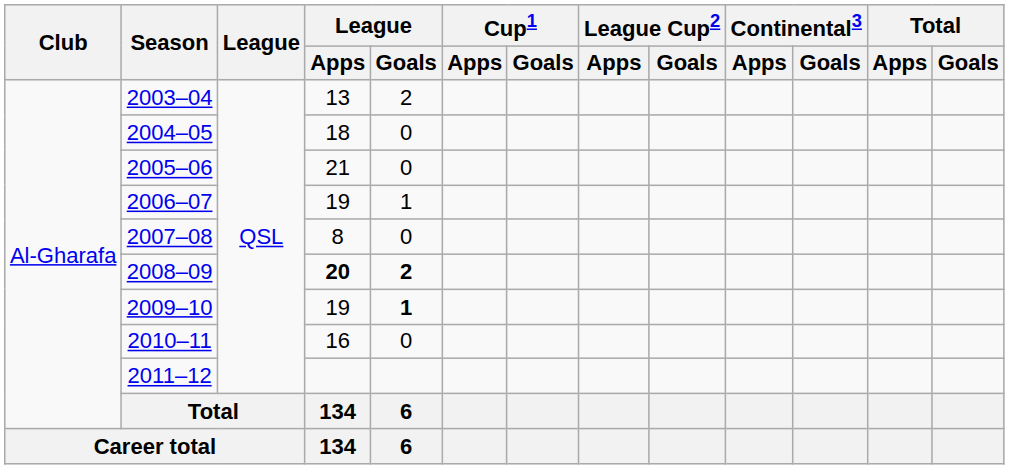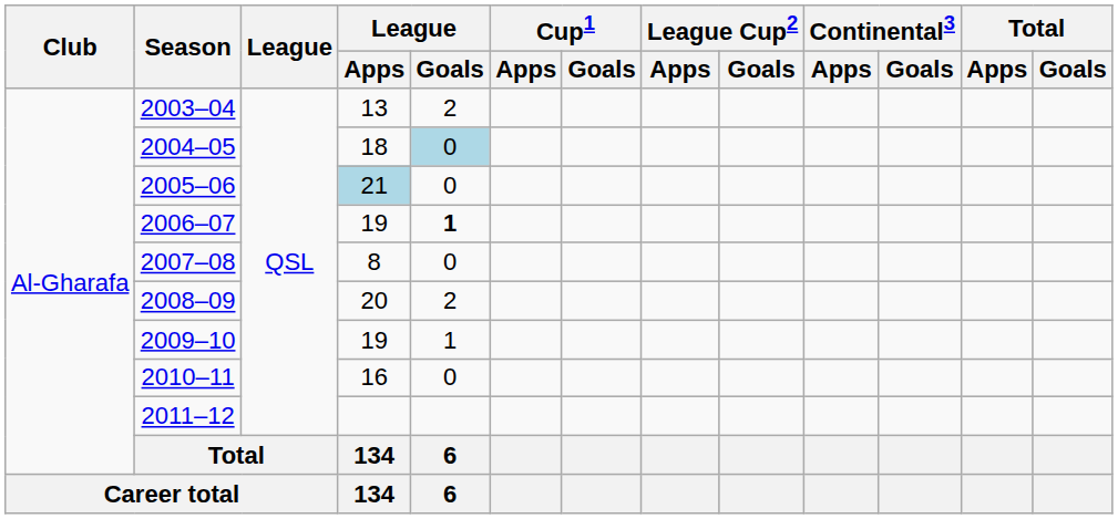 <table class="wikitable" style="font-size:90%; text-align:center;">
 <tr>
 <th rowspan="2">Club</th>
 <th rowspan="2">Season</th>
 <th rowspan="2">League</th>
 <th colspan="2">League</th>
 <th colspan="2">Cup<sup><a href='#'>1</a></sup></th>
 <th colspan="2">League Cup<sup><a href='#'>2</a></sup></th>
 <th colspan="2">Continental<sup><a href='#'>3</a></sup></th>
 <th colspan="2">Total</th>
 </tr>
 <tr>
 <th>Apps</th>
 <th>Goals</th>
 <th>Apps</th>
 <th>Goals</th>
 <th>Apps</th>
 <th>Goals</th>
 <th>Apps</th>
 <th>Goals</th>
 <th>Apps</th>
 <th>Goals</th>
 </tr>
 <tr>
 <td rowspan="10"><a href='#'>Al-Gharafa</a></td>
 <td><a href='#'>2003–04</a></td>
 <td rowspan="9" valign="center"><a href='#'>QSL</a></td>
 <td>13</td>
 <td>2</td>
 <td></td>
 <td></td>
 <td></td>
 <td></td>
 <td></td>
 <td></td>
 <td></td>
 <td></td>
 </tr>
 <tr>
 <td><a href='#'>2004–05</a></td>
 <td>18</td>
-<td>0</td>
+<td style="background: lightblue;">0</td>
 <td></td>
 <td></td>
 <td></td>
 <td></td>
 <td></td>
 <td></td>
 <td></td>
 <td></td>
 </tr>
 <tr>
 <td><a href='#'>2005–06</a></td>
-<td>21</td>
+<td style="background: lightblue;">21</td>
 <td>0</td>
 <td></td>
 <td></td>
 <td></td>
 <td></td>
 <td></td>
 <td></td>
 <td></td>
 <td></td>
 </tr>
 <tr>
 <td><a href='#'>2006–07</a></td>
 <td>19</td>
-<td>1</td>
+<td><strong>1</strong></td>
 <td></td>
 <td></td>
 <td></td>
 <td></td>
 <td></td>
 <td></td>
 <td></td>
 <td></td>
 </tr>
 <tr>
 <td><a href='#'>2007–08</a></td>
 <td>8</td>
 <td>0</td>
 <td></td>
 <td></td>
 <td></td>
 <td></td>
 <td></td>
 <td></td>
 <td></td>
 <td></td>
 </tr>
 <tr>
 <td><a href='#'>2008–09</a></td>
-<td><strong>20</strong></td>
-<td><strong>2</strong></td>
+<td>20</td>
+<td>2</td>
 <td></td>
 <td></td>
 <td></td>
 <td></td>
 <td></td>
 <td></td>
 <td></td>
 <td></td>
 </tr>
 <tr>
 <td><a href='#'>2009–10</a></td>
 <td>19</td>
-<td><strong>1</strong></td>
+<td>1</td>
 <td></td>
 <td></td>
 <td></td>
 <td></td>
 <td></td>
 <td></td>
 <td></td>
 <td></td>
 </tr>
 <tr>
 <td><a href='#'>2010–11</a></td>
 <td>16</td>
 <td>0</td>
 <td></td>
 <td></td>
 <td></td>
 <td></td>
 <td></td>
 <td></td>
 <td></td>
 <td></td>
 </tr>
 <tr>
 <td><a href='#'>2011–12</a></td>
 <td></td>
 <td></td>
 <td></td>
 <td></td>
 <td></td>
 <td></td>
 <td></td>
 <td></td>
 <td></td>
 <td></td>
 </tr>
 <tr>
 <th colspan="2">Total</th>
 <th>134</th>
 <th>6</th>
 <th></th>
 <th></th>
 <th></th>
 <th></th>
 <th></th>
 <th></th>
 <th></th>
 <th></th>
 </tr>
 <tr>
 <th colspan="3">Career total</th>
 <th>134</th>
 <th>6</th>
 <th></th>
 <th></th>
 <th></th>
 <th></th>
 <th></th>
 <th></th>
 <th></th>
 <th></th>
 </tr>
 </table>
